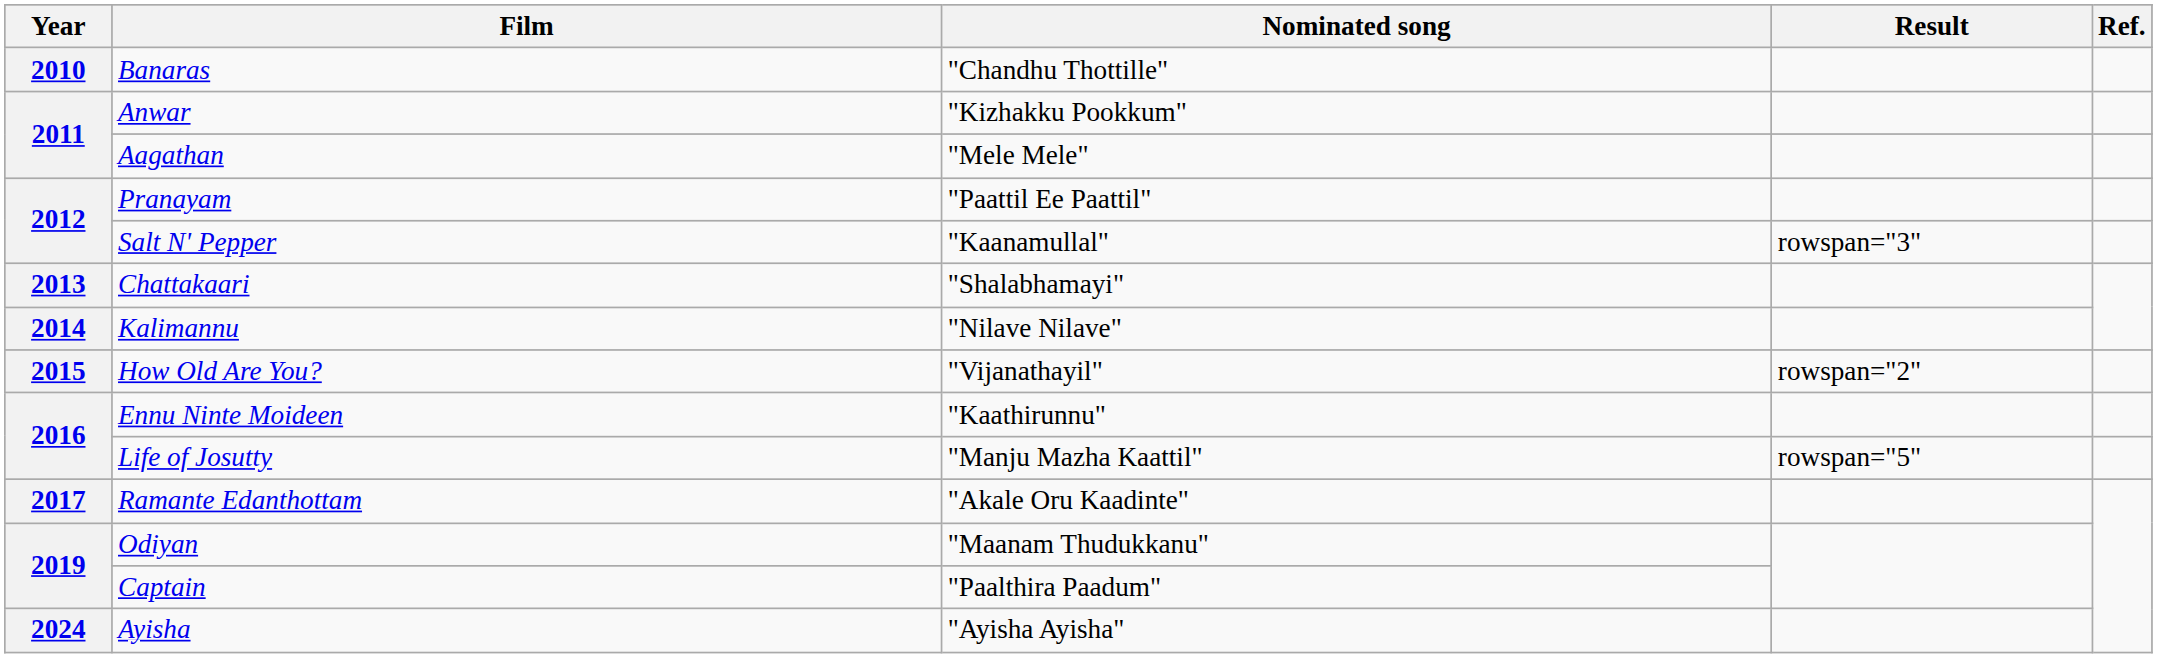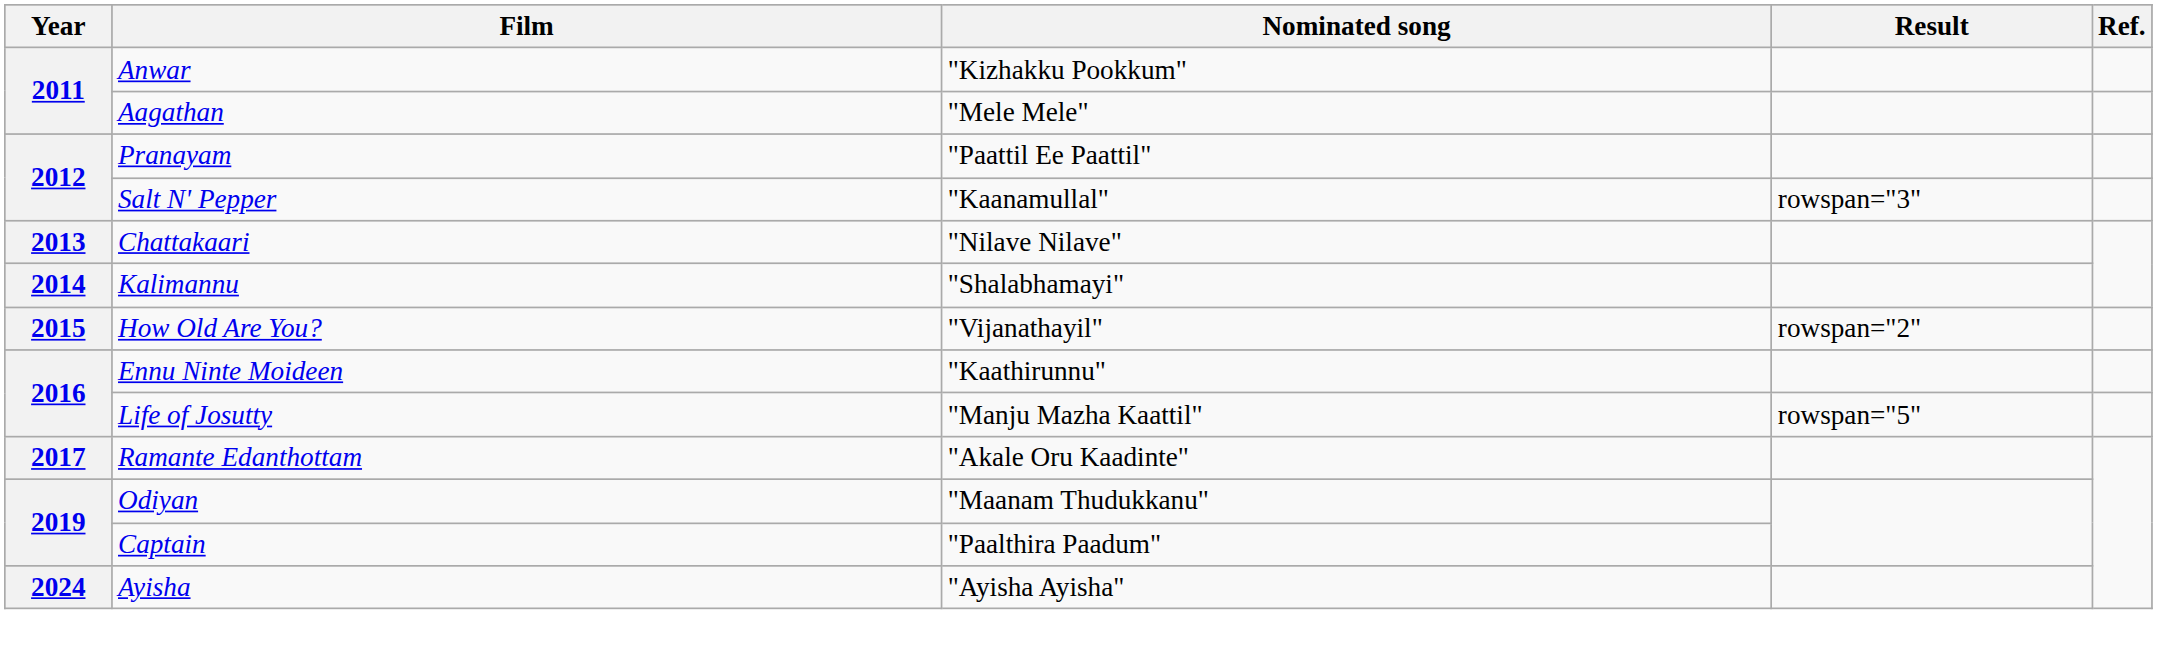 <table class="wikitable plainrowheaders" width="100%" textcolor:#000;">
 <tr>
 <th scope="col" width=5%><strong>Year</strong></th>
 <th scope="col" width=39%><strong>Film</strong></th>
 <th scope="col" width=39%><strong>Nominated song</strong></th>
 <th scope="col" width=15%><strong>Result</strong></th>
 <th scope="col" width=2%><strong>Ref.</strong></th>
-</tr>
-<tr>
-<th scope="row"><a href='#'>2010</a></th>
-<td><em><a href='#'>Banaras</a></em></td>
-<td>"Chandhu Thottille"</td>
-<td></td>
-<td></td>
 </tr>
 <tr>
 <th scope="row" rowspan="2"><a href='#'>2011</a></th>
 <td><em><a href='#'>Anwar</a></em></td>
 <td>"Kizhakku Pookkum"</td>
 <td></td>
 <td></td>
 </tr>
 <tr>
 <td><em><a href='#'>Aagathan</a></em></td>
 <td>"Mele Mele"</td>
 <td></td>
 <td></td>
 </tr>
 <tr>
 <th scope="row" rowspan="2"><a href='#'>2012</a></th>
 <td><em><a href='#'>Pranayam</a></em></td>
 <td>"Paattil Ee Paattil"</td>
 <td></td>
 <td></td>
 </tr>
 <tr>
 <td><em><a href='#'>Salt N' Pepper</a></em></td>
 <td>"Kaanamullal"</td>
 <td>rowspan="3" </td>
 <td></td>
 </tr>
 <tr>
 <th scope="row"><a href='#'>2013</a></th>
 <td><em><a href='#'>Chattakaari</a></em></td>
-<td>"Shalabhamayi"</td>
+<td>"Nilave Nilave"</td>
 <td></td>
 </tr>
 <tr>
 <th scope="row"><a href='#'>2014</a></th>
 <td><em><a href='#'>Kalimannu</a></em></td>
-<td>"Nilave Nilave"</td>
+<td>"Shalabhamayi"</td>
 <td></td>
 </tr>
 <tr>
 <th scope="row"><a href='#'>2015</a></th>
 <td><em><a href='#'>How Old Are You?</a></em></td>
 <td>"Vijanathayil"</td>
 <td>rowspan="2" </td>
 <td></td>
 </tr>
 <tr>
 <th scope="row" rowspan="2"><a href='#'>2016</a></th>
 <td><em><a href='#'>Ennu Ninte Moideen</a></em></td>
 <td>"Kaathirunnu"</td>
 <td></td>
 </tr>
 <tr>
 <td><em><a href='#'>Life of Josutty</a></em></td>
 <td>"Manju Mazha Kaattil"</td>
 <td>rowspan="5" </td>
 <td></td>
 </tr>
 <tr>
 <th scope="row"><a href='#'>2017</a></th>
 <td><em><a href='#'>Ramante Edanthottam</a></em></td>
 <td>"Akale Oru Kaadinte"</td>
 <td></td>
 </tr>
 <tr>
 <th scope="row" rowspan="2"><a href='#'>2019</a></th>
 <td><em><a href='#'>Odiyan</a></em></td>
 <td>"Maanam Thudukkanu"</td>
 <td rowspan="2"></td>
 </tr>
 <tr>
 <td><em><a href='#'>Captain</a></em></td>
 <td>"Paalthira Paadum"</td>
 </tr>
 <tr>
 <th scope ="row"><a href='#'>2024</a></th>
 <td><em><a href='#'>Ayisha</a></em></td>
 <td>"Ayisha Ayisha"</td>
 <td></td>
 </tr>
 </table>
